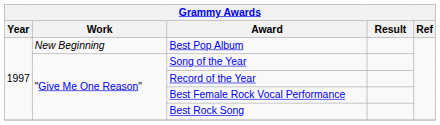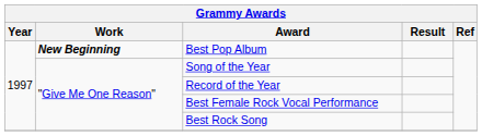 <table class="wikitable">
 <tr>
 <th colspan="6" align="center"><a href='#'>Grammy Awards</a></th>
 </tr>
 <tr>
 <th>Year</th>
 <th style="width:200px;">Work</th>
 <th style="width:300px;">Award</th>
 <th width="65">Result</th>
 <th width="20">Ref</th>
 </tr>
 <tr>
 <td rowspan=5>1997</td>
-<td><em>New Beginning</em></td>
+<td><strong><em>New Beginning</em></strong></td>
 <td><a href='#'>Best Pop Album</a></td>
 <td></td>
 <td rowspan=5 align="center"></td>
 </tr>
 <tr>
 <td rowspan=4>"<a href='#'>Give Me One Reason</a>"</td>
 <td><a href='#'>Song of the Year</a></td>
 <td></td>
 </tr>
 <tr>
 <td><a href='#'>Record of the Year</a></td>
 <td></td>
 </tr>
 <tr>
 <td><a href='#'>Best Female Rock Vocal Performance</a></td>
 <td></td>
 </tr>
 <tr>
 <td><a href='#'>Best Rock Song</a></td>
 <td></td>
 </tr>
 <tr>
 </tr>
 </table>
